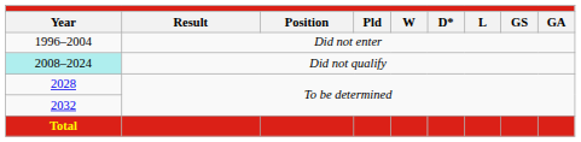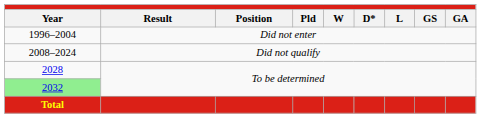 <table class="wikitable" style="text-align: center;font-size:90%;">
 <tr>
 <th colspan="9" style="background: #DB2017; color: #FFFF00;"><a href='#'></a></th>
 </tr>
 <tr>
 <th width=125>Year</th>
 <th width=150>Result</th>
 <th width=100>Position</th>
 <th width=35>Pld</th>
 <th width=35>W</th>
 <th width=35>D*</th>
 <th width=35>L</th>
 <th width=35>GS</th>
 <th width=35>GA</th>
 </tr>
 <tr>
 <td>1996–2004</td>
 <td colspan="8"><em>Did not enter</em></td>
 </tr>
 <tr>
-<td style="background: paleturquoise;">2008–2024</td>
+<td>2008–2024</td>
 <td colspan="8"><em>Did not qualify</em></td>
 </tr>
 <tr>
 <td> <a href='#'>2028</a></td>
 <td colspan=8 rowspan=2><em>To be determined</em></td>
 </tr>
 <tr>
-<td> <a href='#'>2032</a></td>
+<td style="background: lightgreen;"> <a href='#'>2032</a></td>
 </tr>
 <tr>
 <td colspan=1 style="background: #DB2017; color: #FFFF00;"><strong>Total</strong></td>
 <td style="background: #DB2017; color: #FFFF00;"></td>
 <td style="background: #DB2017; color: #FFFF00;"></td>
 <td style="background: #DB2017; color: #FFFF00;"></td>
 <td style="background: #DB2017; color: #FFFF00;"></td>
 <td style="background: #DB2017; color: #FFFF00;"></td>
 <td style="background: #DB2017; color: #FFFF00;"></td>
 <td style="background: #DB2017; color: #FFFF00;"></td>
 <td style="background: #DB2017; color: #FFFF00;"></td>
 </tr>
 </table>
